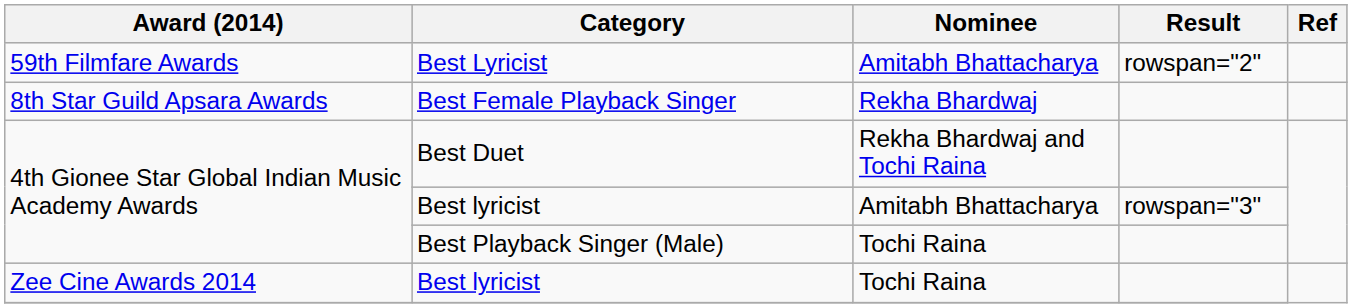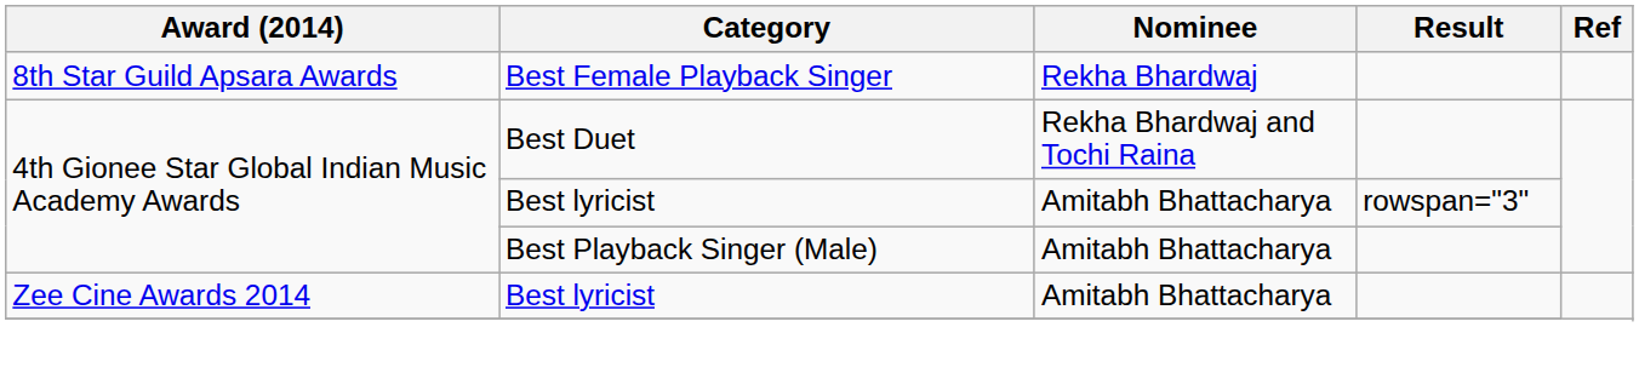 <table class="wikitable plainrowheaders" width="100%" textcolor:#000;">
 <tr>
 <th width=23%>Award (2014)</th>
 <th width=25%>Category</th>
 <th width=15%>Nominee</th>
 <th width=5%>Result</th>
 <th width=2%>Ref</th>
-</tr>
-<tr>
-<td><a href='#'>59th Filmfare Awards</a></td>
-<td><a href='#'>Best Lyricist</a></td>
-<td><a href='#'>Amitabh Bhattacharya</a></td>
-<td>rowspan="2" </td>
-<td></td>
 </tr>
 <tr>
 <td><a href='#'>8th Star Guild Apsara Awards</a></td>
 <td><a href='#'>Best Female Playback Singer</a></td>
 <td><a href='#'>Rekha Bhardwaj</a></td>
 <td></td>
 </tr>
 <tr>
 <td rowspan="3">4th Gionee Star Global Indian Music Academy Awards</td>
 <td>Best Duet</td>
 <td>Rekha Bhardwaj and <a href='#'>Tochi Raina</a></td>
 <td></td>
 <td rowspan="3"></td>
 </tr>
 <tr>
 <td>Best lyricist</td>
 <td>Amitabh Bhattacharya</td>
 <td>rowspan="3" </td>
 </tr>
 <tr>
 <td>Best Playback Singer (Male)</td>
-<td>Tochi Raina</td>
+<td>Amitabh Bhattacharya</td>
 </tr>
 <tr>
 <td><a href='#'>Zee Cine Awards 2014</a></td>
 <td><a href='#'>Best lyricist</a></td>
-<td>Tochi Raina</td>
+<td>Amitabh Bhattacharya</td>
 <td></td>
 </tr>
 <tr>
 </tr>
 </table>
